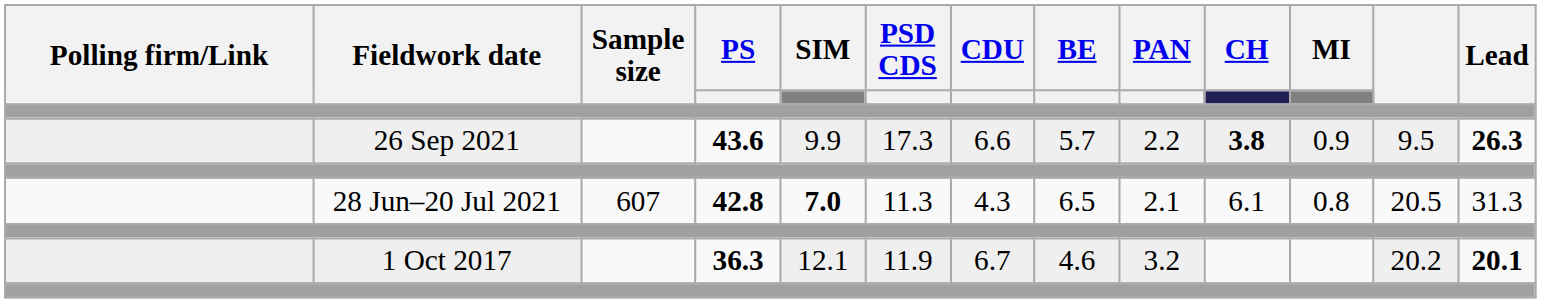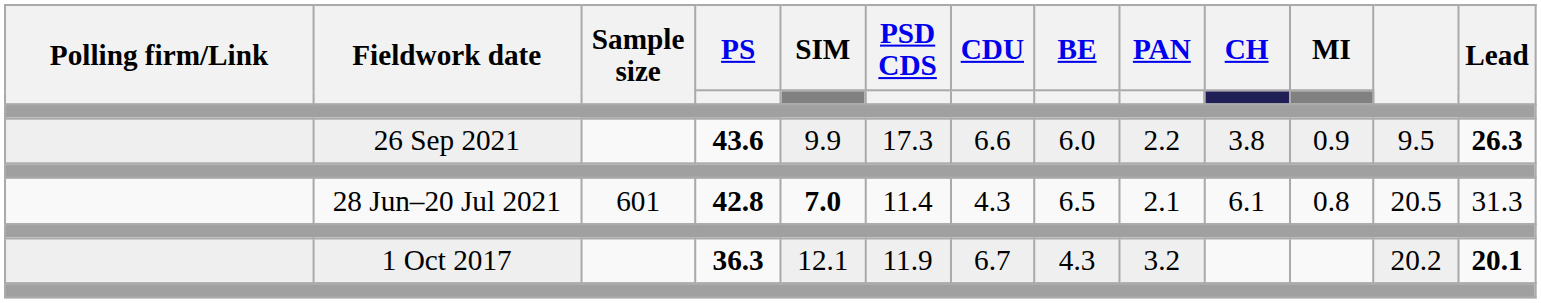 <table class="wikitable sortable mw-datatable" style="text-align:center;font-size:90%;line-height:16px;">
 <tr style="height:42px;">
 <th style="width:145px;" rowspan="2">Polling firm/Link</th>
 <th style="width:125px;" rowspan="2">Fieldwork date</th>
 <th class="unsortable" style="width:50px;" rowspan="2">Sample size</th>
 <th class="unsortable" style="width:35px;"><a href='#'>PS</a></th>
 <th class="unsortable" style="width:35px;">SIM</th>
 <th class="unsortable" style="width:35px;"><a href='#'>PSD</a><br><a href='#'>CDS</a></th>
 <th class="unsortable" style="width:35px;"><a href='#'>CDU</a></th>
 <th class="unsortable" style="width:35px;"><a href='#'>BE</a></th>
 <th class="unsortable" style="width:35px;"><a href='#'>PAN</a></th>
 <th class="unsortable" style="width:35px;"><a href='#'>CH</a></th>
 <th class="unsortable" style="width:35px;">MI</th>
 <th class="unsortable" style="width:35px;" rowspan="2"></th>
 <th class="unsortable" style="width:30px;" rowspan="2">Lead</th>
 </tr>
 <tr>
 <th class="unsortable" style="color:inherit;background:"></th>
 <th class="unsortable" style="color:inherit;background:gray;"></th>
 <th class="unsortable" style="color:inherit;background:"></th>
 <th class="unsortable" style="color:inherit;background:"></th>
 <th class="unsortable" style="color:inherit;background:"></th>
 <th class="sortable" style="background:"></th>
 <th class="sortable" style="background:#202056;"></th>
 <th class="unsortable" style="color:inherit;background:gray;"></th>
 </tr>
 <tr>
 <td colspan="17" style="background:#A0A0A0"></td>
 </tr>
 <tr>
 <td style="background:#EFEFEF;"><strong></strong></td>
 <td style="background:#EFEFEF;" data-sort-value="2019-10-06">26 Sep 2021</td>
 <td></td>
 <td><strong>43.6</strong><br></td>
 <td style="background:#EFEFEF;">9.9<br></td>
 <td style="background:#EFEFEF;">17.3<br></td>
 <td style="background:#EFEFEF;">6.6<br></td>
-<td style="background:#EFEFEF;">5.7<br></td>
+<td style="background:#EFEFEF;">6.0<br></td>
 <td style="background:#EFEFEF;">2.2<br></td>
-<td style="background:#EFEFEF;"><strong>3.8<br></strong></td>
+<td style="background:#EFEFEF;">3.8<br></td>
 <td style="background:#EFEFEF;">0.9<br></td>
 <td style="background:#EFEFEF;">9.5<br></td>
 <td style="background:"><strong>26.3</strong></td>
 </tr>
 <tr>
 <td colspan="17" style="background:#A0A0A0"></td>
 </tr>
 <tr>
 <td align="center"></td>
 <td align="center">28 Jun–20 Jul 2021</td>
-<td>607</td>
+<td>601</td>
 <td align="center" ><strong>42.8</strong></td>
 <td align="center"><strong>7.0</strong></td>
-<td align="center">11.3</td>
+<td align="center">11.4</td>
 <td align="center">4.3</td>
 <td align="center">6.5</td>
 <td align="center">2.1</td>
 <td align="center">6.1</td>
 <td align="center">0.8</td>
 <td align="center">20.5</td>
 <td style="background:">31.3</td>
 </tr>
 <tr>
 <td colspan="17" style="background:#A0A0A0"></td>
 </tr>
 <tr>
 <td style="background:#EFEFEF;"><strong></strong></td>
 <td style="background:#EFEFEF;" data-sort-value="2019-10-06">1 Oct 2017</td>
 <td></td>
 <td><strong>36.3</strong><br></td>
 <td style="background:#EFEFEF;">12.1<br></td>
 <td style="background:#EFEFEF;">11.9<br></td>
 <td style="background:#EFEFEF;">6.7<br></td>
-<td style="background:#EFEFEF;">4.6<br></td>
+<td style="background:#EFEFEF;">4.3<br></td>
 <td style="background:#EFEFEF;">3.2<br></td>
 <td></td>
 <td></td>
 <td style="background:#EFEFEF;">20.2<br></td>
 <td style="background:"><strong>20.1</strong></td>
 </tr>
 <tr>
 <td colspan="17" style="background:#A0A0A0"></td>
 </tr>
 </table>
